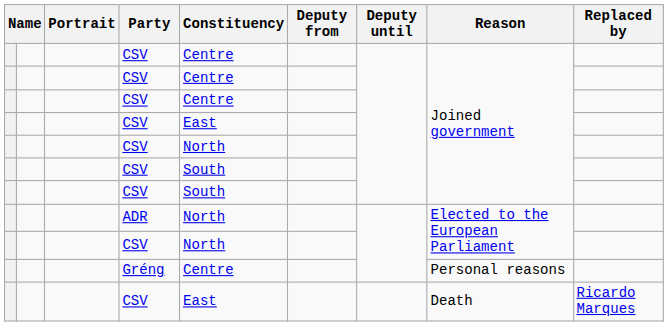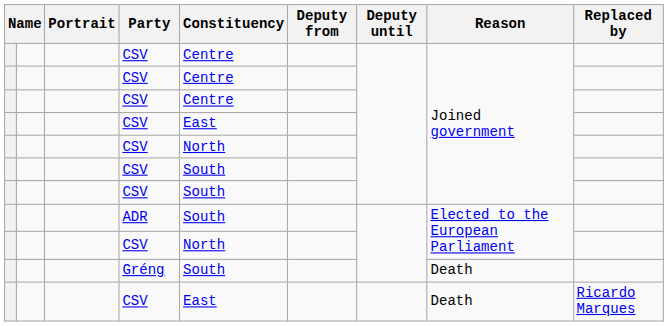 <table class="wikitable sortable">
 <tr>
 <th colspan=2>Name</th>
 <th scope=col class="unsortable">Portrait</th>
 <th width=50px>Party</th>
 <th>Constituency</th>
 <th>Deputy from</th>
 <th>Deputy until</th>
 <th>Reason</th>
 <th>Replaced by</th>
 </tr>
 <tr>
 <th width=5px style="background-color: "></th>
 <td valign=center></td>
 <td valign=center></td>
 <td valign=center><a href='#'>CSV</a></td>
 <td valign=center><a href='#'>Centre</a></td>
 <td valign=center></td>
 <td rowspan="7" valign="center"></td>
 <td rowspan="7" valign="center">Joined <a href='#'>government</a></td>
 <td valign=center></td>
 </tr>
 <tr>
 <th width=5px style="background-color: "></th>
 <td valign=center></td>
 <td valign=center></td>
 <td valign=center><a href='#'>CSV</a></td>
 <td valign=center><a href='#'>Centre</a></td>
 <td valign=center></td>
 <td valign=center></td>
 </tr>
 <tr>
 <th width=5px style="background-color: "></th>
 <td valign=center></td>
 <td valign=center></td>
 <td valign=center><a href='#'>CSV</a></td>
 <td valign=center><a href='#'>Centre</a></td>
 <td valign=center></td>
 <td valign=center></td>
 </tr>
 <tr>
 <th width=5px style="background-color: "></th>
 <td valign=center></td>
 <td valign=center></td>
 <td valign=center><a href='#'>CSV</a></td>
 <td valign=center><a href='#'>East</a></td>
 <td valign=center></td>
 <td valign=center></td>
 </tr>
 <tr>
 <th width=5px style="background-color: "></th>
 <td valign=center></td>
 <td valign=center></td>
 <td valign=center><a href='#'>CSV</a></td>
 <td valign=center><a href='#'>North</a></td>
 <td valign=center></td>
 <td valign=center></td>
 </tr>
 <tr>
 <th width=5px style="background-color: "></th>
 <td valign=center></td>
 <td valign=center></td>
 <td valign=center><a href='#'>CSV</a></td>
 <td valign=center><a href='#'>South</a></td>
 <td valign=center></td>
 <td valign=center></td>
 </tr>
 <tr>
 <th width=5px style="background-color: "></th>
 <td valign=center></td>
 <td valign=center></td>
 <td valign=center><a href='#'>CSV</a></td>
 <td valign=center><a href='#'>South</a></td>
 <td valign=center></td>
 <td valign=center></td>
 </tr>
 <tr>
 <th width=5px style="background-color: "></th>
 <td valign=center></td>
 <td valign=center></td>
 <td valign=center><a href='#'>ADR</a></td>
-<td valign=center><a href='#'>North</a></td>
+<td valign=center><a href='#'>South</a></td>
 <td valign=center></td>
 <td rowspan="3" valign=center></td>
 <td rowspan="2" valign=center><a href='#'>Elected to the European Parliament</a></td>
 <td valign=center></td>
 </tr>
 <tr>
 <th width=5px style="background-color: "></th>
 <td valign=center></td>
 <td valign=center></td>
 <td valign=center><a href='#'>CSV</a></td>
 <td valign=center><a href='#'>North</a></td>
 <td valign=center></td>
 <td valign=center></td>
 </tr>
 <tr>
 <th width=5px style="background-color: "></th>
 <td valign=center></td>
 <td valign=center></td>
 <td valign=center><a href='#'>Gréng</a></td>
-<td valign=center><a href='#'>Centre</a></td>
+<td valign=center><a href='#'>South</a></td>
 <td valign=center></td>
-<td valign=center>Personal reasons</td>
+<td valign=center>Death</td>
 <td valign=center></td>
 </tr>
 <tr>
 <th width=5px style="background-color: "></th>
 <td valign=center></td>
 <td valign=center></td>
 <td valign=center><a href='#'>CSV</a></td>
 <td valign=center><a href='#'>East</a></td>
 <td valign=center></td>
 <td valign=center></td>
 <td valign=center>Death</td>
 <td valign=center><a href='#'>Ricardo Marques</a></td>
 </tr>
 </table>
